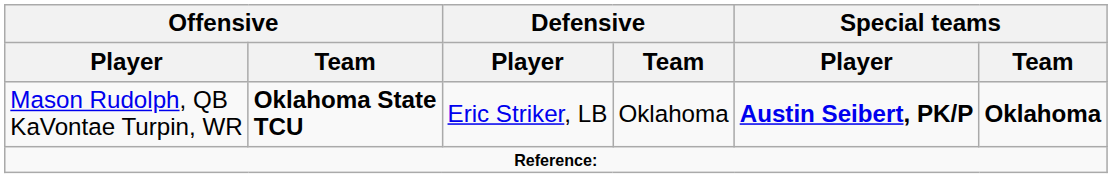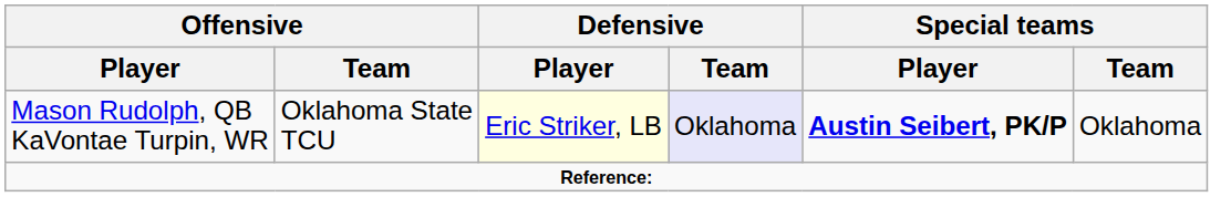 <table class="wikitable">
 <tr>
 <th colspan="2">Offensive</th>
 <th colspan="2">Defensive</th>
 <th colspan="2">Special teams</th>
 </tr>
 <tr>
 <th>Player</th>
 <th>Team</th>
 <th>Player</th>
 <th>Team</th>
 <th>Player</th>
 <th>Team</th>
 </tr>
 <tr>
 <td><a href='#'>Mason Rudolph</a>, QB <br> KaVontae Turpin, WR</td>
-<td><strong>Oklahoma State <br> TCU</strong></td>
-<td><a href='#'>Eric Striker</a>, LB</td>
+<td>Oklahoma State <br> TCU</td>
+<td style="background: lightyellow;"><a href='#'>Eric Striker</a>, LB</td>
+<td style="background: lavender;">Oklahoma</td>
+<td><strong><a href='#'>Austin Seibert</a>, PK/P</strong></td>
 <td>Oklahoma</td>
-<td><strong><a href='#'>Austin Seibert</a>, PK/P</strong></td>
-<td><strong>Oklahoma</strong></td>
 </tr>
 <tr>
 <td colspan="12"  style="font-size:8pt; text-align:center;"><strong>Reference:</strong></td>
 </tr>
 </table>
